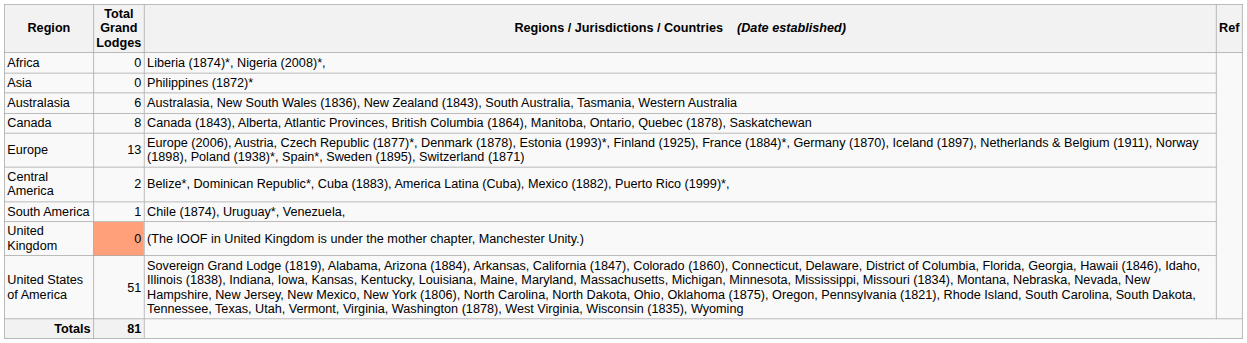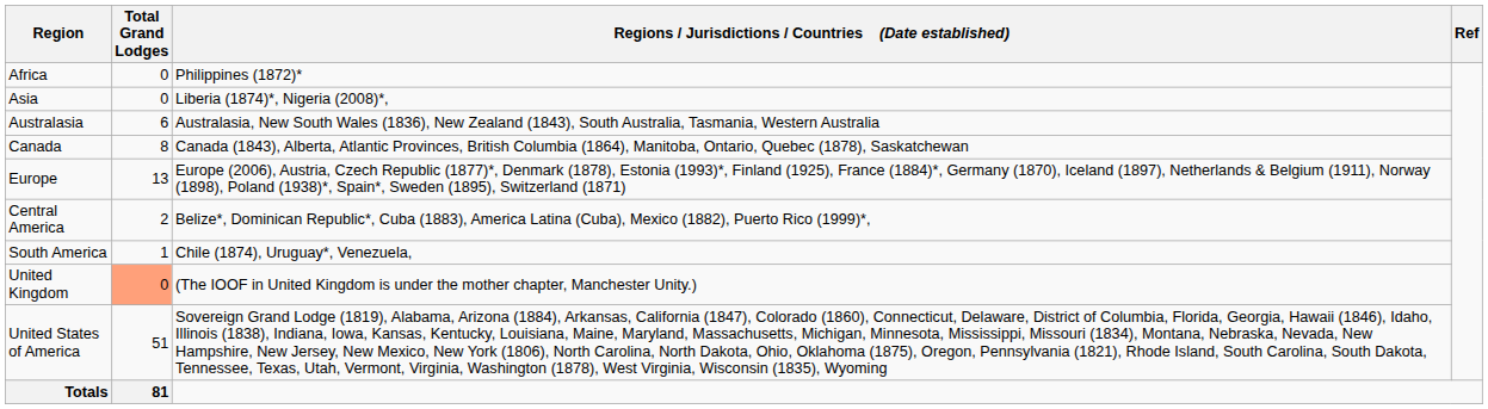 <table class="wikitable sortable">
 <tr>
 <th>Region<br></th>
 <th>Total<br>Grand<br>Lodges<br></th>
 <th class="unsortable">Regions / Jurisdictions / Countries    <em>(Date established)</em></th>
 <th class="unsortable">Ref</th>
 </tr>
 <tr>
 <td style="text-align:left;">Africa</td>
 <td style="text-align:right;">0</td>
-<td style="text-align:left;">Liberia (1874)*, Nigeria (2008)*,</td>
+<td style="text-align:left;">Philippines (1872)*</td>
 <td rowspan=9; style="text-align:centre;"><br><br></td>
 </tr>
 <tr>
 <td style="text-align:left;">Asia</td>
 <td style="text-align:right;">0</td>
-<td style="text-align:left;">Philippines (1872)*</td>
+<td style="text-align:left;">Liberia (1874)*, Nigeria (2008)*,</td>
 </tr>
 <tr>
 <td style="text-align:left;">Australasia</td>
 <td style="text-align:right;">6</td>
 <td style="text-align:left;">Australasia, New South Wales (1836), New Zealand (1843), South Australia, Tasmania, Western Australia</td>
 </tr>
 <tr>
 <td style="text-align:left;">Canada</td>
 <td style="text-align:right;">8</td>
 <td style="text-align:left;">Canada (1843), Alberta, Atlantic Provinces, British Columbia (1864), Manitoba, Ontario, Quebec (1878), Saskatchewan</td>
 </tr>
 <tr>
 <td style="text-align:left;">Europe</td>
 <td style="text-align:right;">13</td>
 <td style="text-align:left;">Europe (2006), Austria, Czech Republic (1877)*, Denmark (1878), Estonia (1993)*, Finland (1925), France (1884)*, Germany (1870), Iceland (1897), Netherlands & Belgium (1911), Norway (1898), Poland (1938)*, Spain*, Sweden (1895), Switzerland (1871)</td>
 </tr>
 <tr>
 <td style="text-align:left;">Central America</td>
 <td style="text-align:right;">2</td>
 <td style="text-align:left;">Belize*, Dominican Republic*, Cuba (1883), America Latina (Cuba), Mexico (1882), Puerto Rico (1999)*,</td>
 </tr>
 <tr>
 <td style="text-align:left;">South America</td>
 <td style="text-align:right;">1</td>
 <td style="text-align:left;">Chile (1874), Uruguay*, Venezuela,</td>
 </tr>
 <tr>
 <td style="text-align:left;">United Kingdom</td>
 <td style="background: lightsalmon; text-align:right;">0</td>
 <td style="text-align:left;">(The IOOF in United Kingdom is under the mother chapter, Manchester Unity.)</td>
 </tr>
 <tr>
 <td style="text-align:left;">United States of America</td>
 <td style="text-align:right;">51</td>
 <td style="text-align:left;">Sovereign Grand Lodge (1819), Alabama, Arizona (1884), Arkansas, California (1847), Colorado (1860), Connecticut, Delaware, District of Columbia, Florida, Georgia, Hawaii (1846), Idaho, Illinois (1838), Indiana, Iowa, Kansas, Kentucky, Louisiana, Maine, Maryland, Massachusetts, Michigan, Minnesota, Mississippi, Missouri (1834), Montana, Nebraska, Nevada, New Hampshire, New Jersey, New Mexico, New York (1806), North Carolina, North Dakota, Ohio, Oklahoma (1875), Oregon, Pennsylvania (1821), Rhode Island, South Carolina, South Dakota, Tennessee, Texas, Utah, Vermont, Virginia, Washington (1878), West Virginia, Wisconsin (1835), Wyoming</td>
 </tr>
 <tr class="sortbottom">
 <th style="text-align:right;">Totals</th>
 <th style="text-align:right;">81</th>
 </tr>
 </table>
